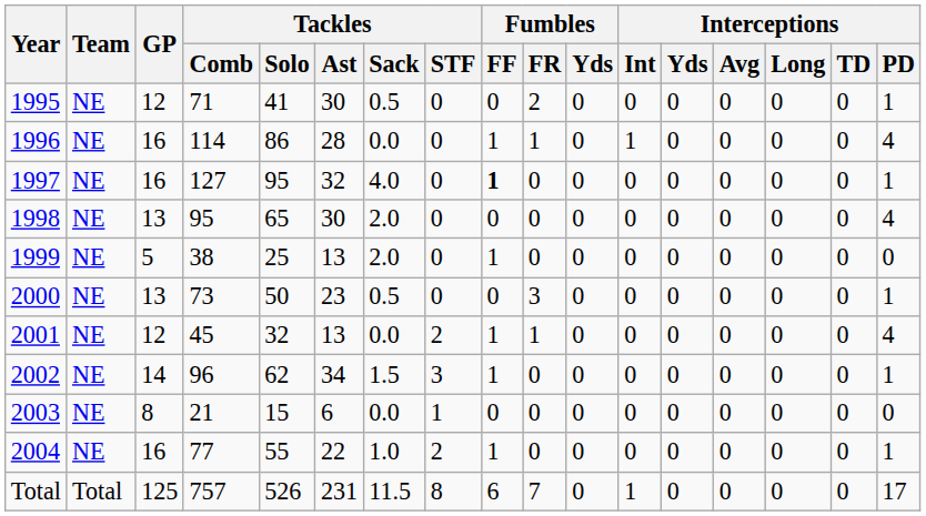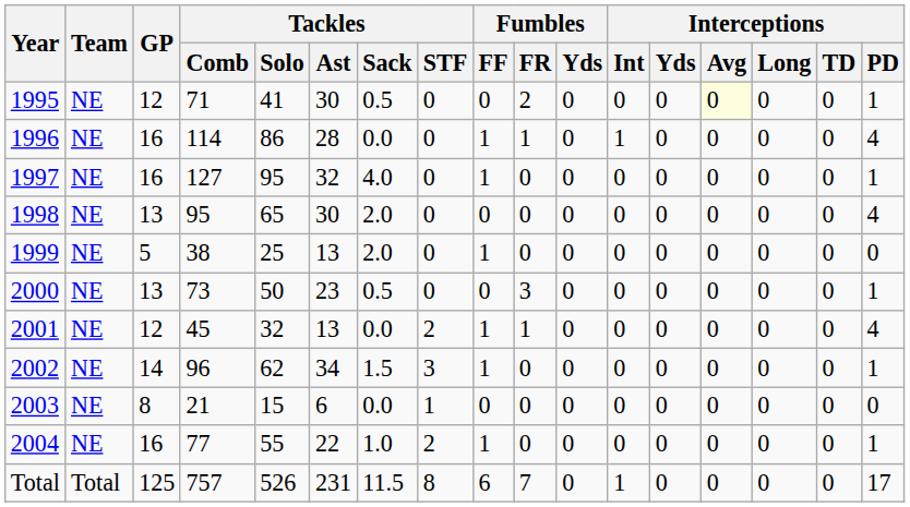 <table class="wikitable">
 <tr>
 <th rowspan="2">Year</th>
 <th rowspan="2">Team</th>
 <th rowspan="2">GP</th>
 <th colspan="5">Tackles</th>
 <th colspan="3">Fumbles</th>
 <th colspan="6">Interceptions</th>
 </tr>
 <tr>
 <th>Comb</th>
 <th>Solo</th>
 <th>Ast</th>
 <th>Sack</th>
 <th>STF</th>
 <th>FF</th>
 <th>FR</th>
 <th>Yds</th>
 <th>Int</th>
 <th>Yds</th>
 <th>Avg</th>
 <th>Long</th>
 <th>TD</th>
 <th>PD</th>
 </tr>
 <tr>
 <td><a href='#'>1995</a></td>
 <td><a href='#'>NE</a></td>
 <td>12</td>
 <td>71</td>
 <td>41</td>
 <td>30</td>
 <td>0.5</td>
 <td>0</td>
 <td>0</td>
 <td>2</td>
 <td>0</td>
 <td>0</td>
 <td>0</td>
-<td>0</td>
+<td style="background: lightyellow;">0</td>
 <td>0</td>
 <td>0</td>
 <td>1</td>
 </tr>
 <tr>
 <td><a href='#'>1996</a></td>
 <td><a href='#'>NE</a></td>
 <td>16</td>
 <td>114</td>
 <td>86</td>
 <td>28</td>
 <td>0.0</td>
 <td>0</td>
 <td>1</td>
 <td>1</td>
 <td>0</td>
 <td>1</td>
 <td>0</td>
 <td>0</td>
 <td>0</td>
 <td>0</td>
 <td>4</td>
 </tr>
 <tr>
 <td><a href='#'>1997</a></td>
 <td><a href='#'>NE</a></td>
 <td>16</td>
 <td>127</td>
 <td>95</td>
 <td>32</td>
 <td>4.0</td>
 <td>0</td>
-<td><strong>1</strong></td>
+<td>1</td>
 <td>0</td>
 <td>0</td>
 <td>0</td>
 <td>0</td>
 <td>0</td>
 <td>0</td>
 <td>0</td>
 <td>1</td>
 </tr>
 <tr>
 <td><a href='#'>1998</a></td>
 <td><a href='#'>NE</a></td>
 <td>13</td>
 <td>95</td>
 <td>65</td>
 <td>30</td>
 <td>2.0</td>
 <td>0</td>
 <td>0</td>
 <td>0</td>
 <td>0</td>
 <td>0</td>
 <td>0</td>
 <td>0</td>
 <td>0</td>
 <td>0</td>
 <td>4</td>
 </tr>
 <tr>
 <td><a href='#'>1999</a></td>
 <td><a href='#'>NE</a></td>
 <td>5</td>
 <td>38</td>
 <td>25</td>
 <td>13</td>
 <td>2.0</td>
 <td>0</td>
 <td>1</td>
 <td>0</td>
 <td>0</td>
 <td>0</td>
 <td>0</td>
 <td>0</td>
 <td>0</td>
 <td>0</td>
 <td>0</td>
 </tr>
 <tr>
 <td><a href='#'>2000</a></td>
 <td><a href='#'>NE</a></td>
 <td>13</td>
 <td>73</td>
 <td>50</td>
 <td>23</td>
 <td>0.5</td>
 <td>0</td>
 <td>0</td>
 <td>3</td>
 <td>0</td>
 <td>0</td>
 <td>0</td>
 <td>0</td>
 <td>0</td>
 <td>0</td>
 <td>1</td>
 </tr>
 <tr>
 <td><a href='#'>2001</a></td>
 <td><a href='#'>NE</a></td>
 <td>12</td>
 <td>45</td>
 <td>32</td>
 <td>13</td>
 <td>0.0</td>
 <td>2</td>
 <td>1</td>
 <td>1</td>
 <td>0</td>
 <td>0</td>
 <td>0</td>
 <td>0</td>
 <td>0</td>
 <td>0</td>
 <td>4</td>
 </tr>
 <tr>
 <td><a href='#'>2002</a></td>
 <td><a href='#'>NE</a></td>
 <td>14</td>
 <td>96</td>
 <td>62</td>
 <td>34</td>
 <td>1.5</td>
 <td>3</td>
 <td>1</td>
 <td>0</td>
 <td>0</td>
 <td>0</td>
 <td>0</td>
 <td>0</td>
 <td>0</td>
 <td>0</td>
 <td>1</td>
 </tr>
 <tr>
 <td><a href='#'>2003</a></td>
 <td><a href='#'>NE</a></td>
 <td>8</td>
 <td>21</td>
 <td>15</td>
 <td>6</td>
 <td>0.0</td>
 <td>1</td>
 <td>0</td>
 <td>0</td>
 <td>0</td>
 <td>0</td>
 <td>0</td>
 <td>0</td>
 <td>0</td>
 <td>0</td>
 <td>0</td>
 </tr>
 <tr>
 <td><a href='#'>2004</a></td>
 <td><a href='#'>NE</a></td>
 <td>16</td>
 <td>77</td>
 <td>55</td>
 <td>22</td>
 <td>1.0</td>
 <td>2</td>
 <td>1</td>
 <td>0</td>
 <td>0</td>
 <td>0</td>
 <td>0</td>
 <td>0</td>
 <td>0</td>
 <td>0</td>
 <td>1</td>
 </tr>
 <tr>
 <td>Total</td>
 <td>Total</td>
 <td>125</td>
 <td>757</td>
 <td>526</td>
 <td>231</td>
 <td>11.5</td>
 <td>8</td>
 <td>6</td>
 <td>7</td>
 <td>0</td>
 <td>1</td>
 <td>0</td>
 <td>0</td>
 <td>0</td>
 <td>0</td>
 <td>17</td>
 </tr>
 </table>
